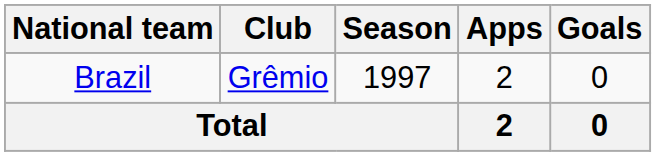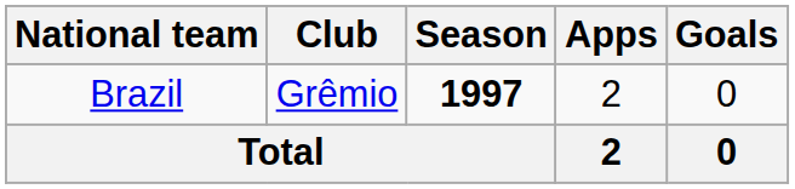 <table class="wikitable" style="text-align: center;">
 <tr>
 <th>National team</th>
 <th>Club</th>
 <th>Season</th>
 <th>Apps</th>
 <th>Goals</th>
 </tr>
 <tr>
 <td rowspan="1" valign="center"><a href='#'>Brazil</a></td>
 <td rowspan="1" valign="center"><a href='#'>Grêmio</a></td>
-<td>1997</td>
+<td><strong>1997</strong></td>
 <td>2</td>
 <td>0</td>
 </tr>
 <tr>
 <th colspan="3">Total</th>
 <th>2</th>
 <th>0</th>
 </tr>
 </table>
